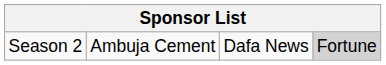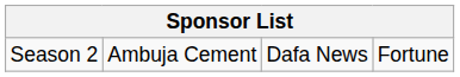 <table class="wikitable">
 <tr>
 <th colspan="4">Sponsor List</th>
 </tr>
 <tr>
 <td>Season 2</td>
 <td>Ambuja Cement</td>
 <td>Dafa News </td>
-<td style="background: lightgrey;">Fortune</td>
+<td>Fortune</td>
 </tr>
 </table>
